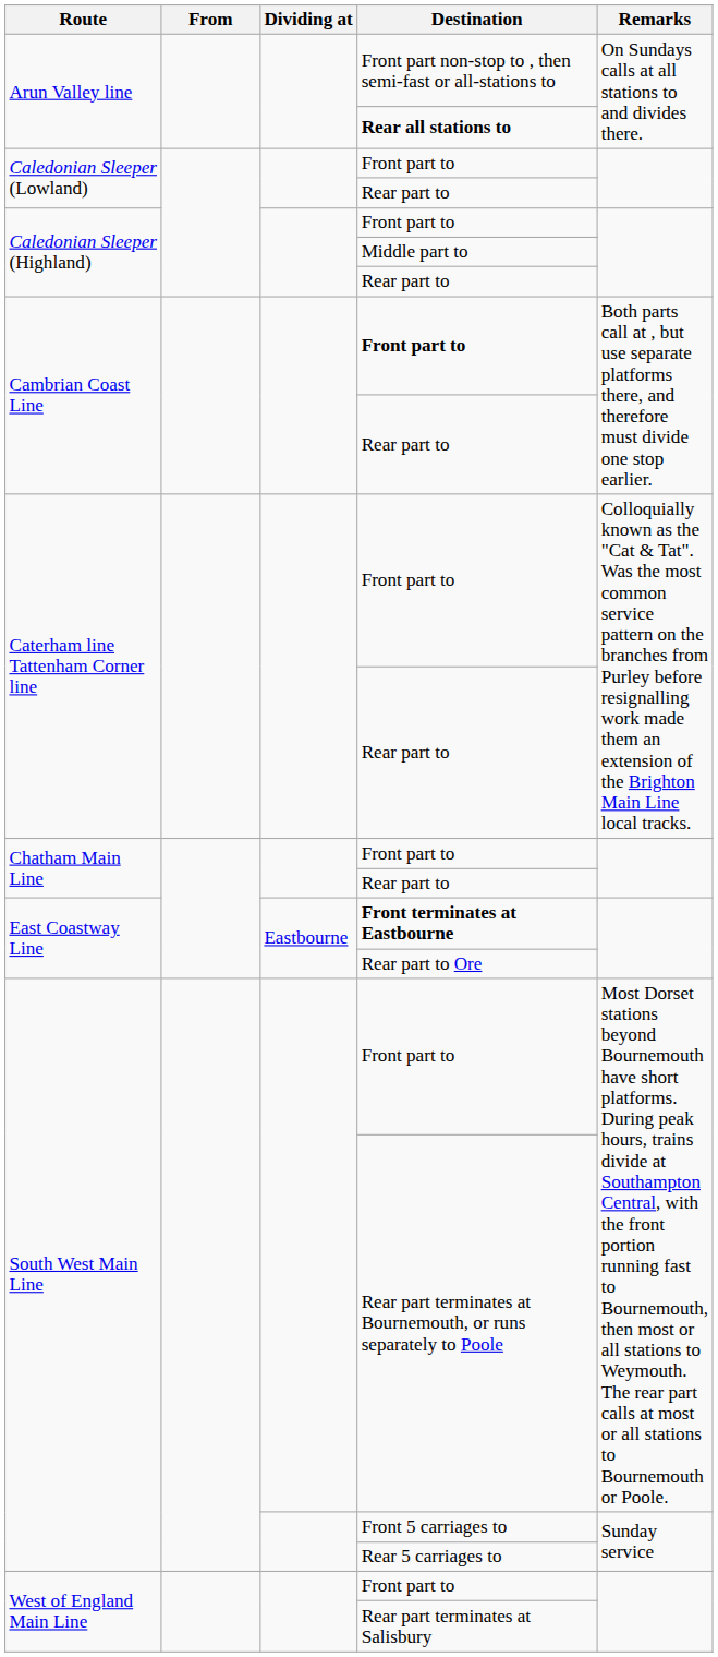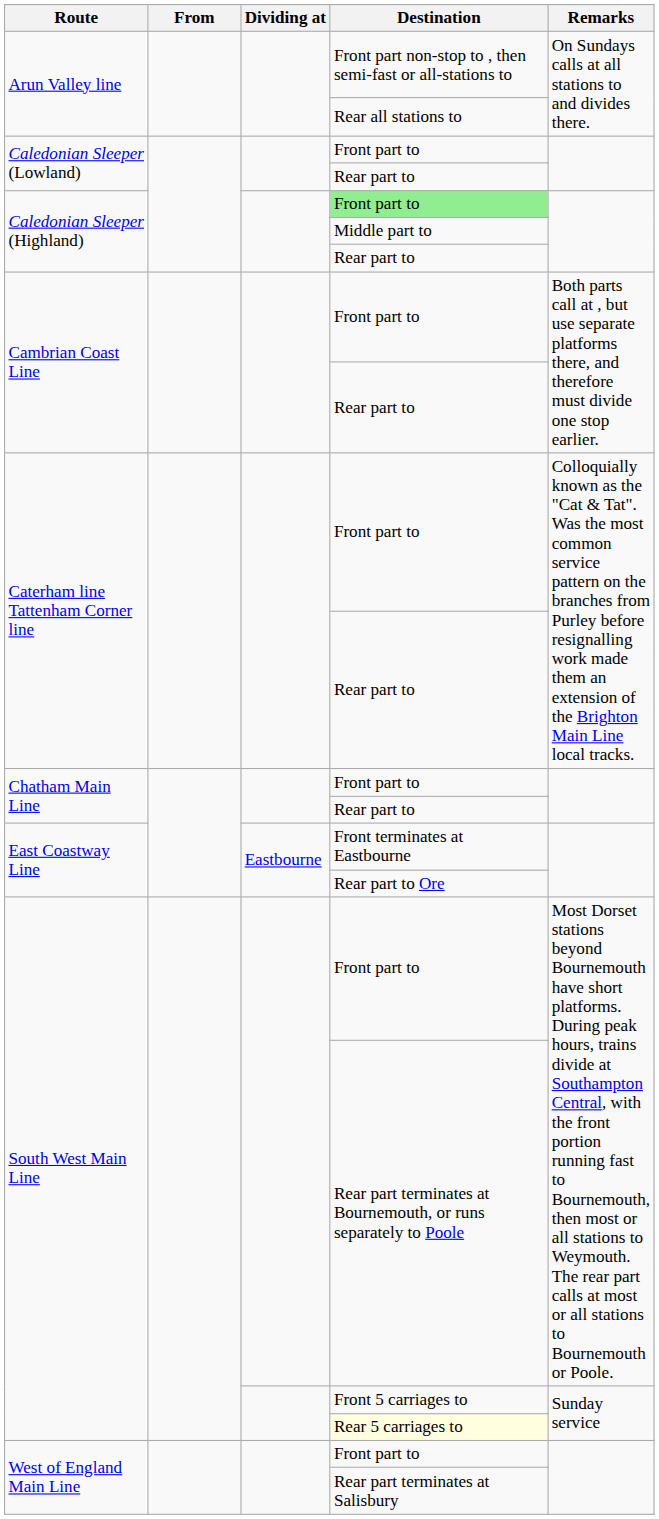 <table class="wikitable sortable">
 <tr>
 <th scope="col">Route</th>
 <th width=150>From</th>
 <th scope="col">Dividing at</th>
 <th width=320>Destination</th>
 <th class=unsortable>Remarks</th>
 </tr>
 <tr>
 <td rowspan="2"><a href='#'>Arun Valley line</a></td>
 <td rowspan="2"></td>
 <td rowspan="2"></td>
 <td>Front part non-stop to , then semi-fast or all-stations to </td>
 <td rowspan="2">On Sundays calls at all stations to  and divides there.</td>
 </tr>
 <tr>
-<td><strong>Rear all stations to </strong></td>
+<td>Rear all stations to </td>
 </tr>
 <tr>
 <td rowspan="2"><em><a href='#'>Caledonian&nbsp;Sleeper</a></em> (Lowland)</td>
 <td rowspan="5"></td>
 <td rowspan="2"></td>
 <td>Front part to </td>
 <td rowspan="2"></td>
 </tr>
 <tr>
 <td>Rear part to </td>
 </tr>
 <tr>
 <td rowspan="3"><em><a href='#'>Caledonian Sleeper</a></em> (Highland)</td>
 <td rowspan="3"></td>
-<td>Front part to </td>
+<td style="background: lightgreen;">Front part to </td>
 <td rowspan="3"></td>
 </tr>
 <tr>
 <td>Middle part to </td>
 </tr>
 <tr>
 <td>Rear part to </td>
 </tr>
 <tr>
 <td rowspan="2"><a href='#'>Cambrian Coast Line</a></td>
 <td rowspan="2"></td>
 <td rowspan="2"></td>
-<td><strong>Front part to </strong></td>
+<td>Front part to </td>
 <td rowspan="2">Both parts call at , but use separate platforms there, and therefore must divide one stop earlier.</td>
 </tr>
 <tr>
 <td>Rear part to </td>
 </tr>
 <tr>
 <td rowspan="2"><a href='#'>Caterham line</a><br><a href='#'>Tattenham Corner line</a></td>
 <td rowspan="2"></td>
 <td rowspan="2"></td>
 <td>Front part to </td>
 <td Rowspan="2">Colloquially known as the "Cat & Tat". Was the most common service pattern on the branches from Purley before resignalling work made them an extension of the <a href='#'>Brighton Main Line</a> local tracks.</td>
 </tr>
 <tr>
 <td>Rear part to </td>
 </tr>
 <tr>
 <td rowspan="2"><a href='#'>Chatham Main Line</a></td>
 <td rowspan="4"></td>
 <td rowspan="2"></td>
 <td>Front part to </td>
 <td rowspan="2"></td>
 </tr>
 <tr>
 <td>Rear part to </td>
 </tr>
 <tr>
 <td rowspan="2"><a href='#'>East Coastway Line</a></td>
 <td rowspan="2"><a href='#'>Eastbourne</a></td>
-<td><strong>Front terminates at Eastbourne</strong></td>
+<td>Front terminates at Eastbourne</td>
 <td rowspan="2"></td>
 </tr>
 <tr>
 <td>Rear part to <a href='#'>Ore</a></td>
 </tr>
 <tr>
 <td rowspan="4"><a href='#'>South West Main Line</a></td>
 <td rowspan="4"></td>
 <td rowspan="2"></td>
 <td>Front part to </td>
 <td rowspan="2">Most Dorset stations beyond Bournemouth have short platforms. During peak hours, trains divide at <a href='#'>Southampton Central</a>, with the front portion running fast to Bournemouth, then most or all stations to Weymouth. The rear part calls at most or all stations to Bournemouth or Poole.</td>
 </tr>
 <tr>
 <td>Rear part terminates at Bournemouth, or runs separately to <a href='#'>Poole</a></td>
 </tr>
 <tr>
 <td rowspan=2></td>
 <td>Front 5 carriages to </td>
 <td rowspan=2>Sunday service</td>
 </tr>
 <tr>
-<td>Rear 5 carriages to </td>
+<td style="background: lightyellow;">Rear 5 carriages to </td>
 </tr>
 <tr>
 <td rowspan="2"><a href='#'>West of England Main Line</a></td>
 <td rowspan="2"></td>
 <td rowspan="2"></td>
 <td>Front part to </td>
 <td rowspan="2"></td>
 </tr>
 <tr>
 <td>Rear part terminates at Salisbury</td>
 </tr>
 </table>
